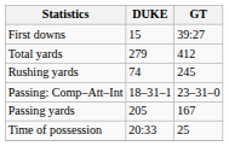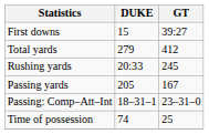 <table class="wikitable" style="float: left;">
 <tr>
 <th>Statistics</th>
 <th>DUKE</th>
 <th>GT</th>
 </tr>
 <tr>
 <td>First downs</td>
 <td>15</td>
 <td>39:27</td>
 </tr>
 <tr>
 <td>Total yards</td>
 <td>279</td>
 <td>412</td>
 </tr>
 <tr>
 <td>Rushing yards</td>
-<td>74</td>
+<td>20:33</td>
 <td>245</td>
+</tr>
+<tr>
+<td>Passing yards</td>
+<td>205</td>
+<td>167</td>
 </tr>
 <tr>
 <td>Passing: Comp–Att–Int</td>
 <td>18–31–1</td>
 <td>23–31–0</td>
 </tr>
 <tr>
-<td>Passing yards</td>
-<td>205</td>
-<td>167</td>
-</tr>
-<tr>
 <td>Time of possession</td>
-<td>20:33</td>
+<td>74</td>
 <td>25</td>
 </tr>
 <tr>
 </tr>
 </table>
